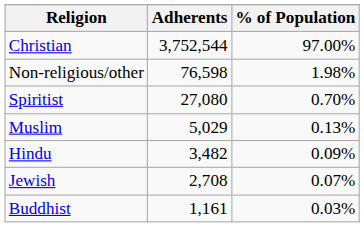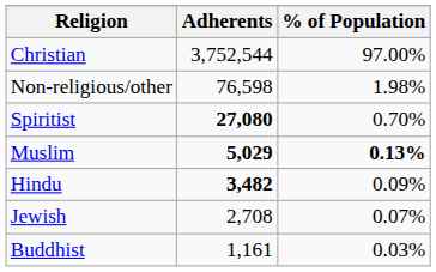 <table class="wikitable" style="float:right; margin:1ex 5 1ex 1ex;">
 <tr colspan="3" align="center"| >
 </tr>
 <tr>
 <th>Religion</th>
 <th>Adherents</th>
 <th>% of Population</th>
 </tr>
 <tr>
 <td><a href='#'>Christian</a></td>
 <td align="right">3,752,544</td>
 <td align="right">97.00%</td>
 </tr>
 <tr>
 <td>Non-religious/other</td>
 <td align="right">76,598</td>
 <td align="right">1.98%</td>
 </tr>
 <tr>
 <td><a href='#'>Spiritist</a></td>
-<td align="right">27,080</td>
+<td align="right"><strong>27,080</strong></td>
 <td align="right">0.70%</td>
 </tr>
 <tr>
 <td><a href='#'>Muslim</a></td>
-<td align="right">5,029</td>
-<td align="right">0.13%</td>
+<td align="right"><strong>5,029</strong></td>
+<td align="right"><strong>0.13%</strong></td>
 </tr>
 <tr>
 <td><a href='#'>Hindu</a></td>
-<td align="right">3,482</td>
+<td align="right"><strong>3,482</strong></td>
 <td align="right">0.09%</td>
 </tr>
 <tr>
 <td><a href='#'>Jewish</a></td>
 <td align="right">2,708</td>
 <td align="right">0.07%</td>
 </tr>
 <tr>
 <td><a href='#'>Buddhist</a></td>
 <td align="right">1,161</td>
 <td align="right">0.03%</td>
 </tr>
 </table>
